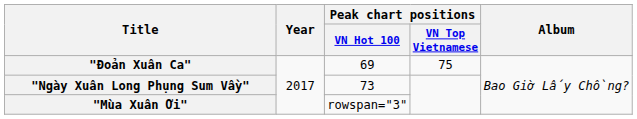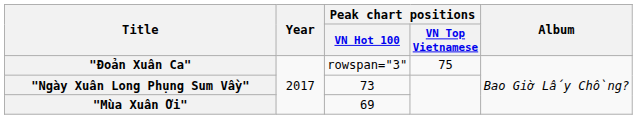 <table class="wikitable plainrowheaders" border="1" style="text-align:center;">
 <tr>
 <th scope="col" style="width:22em;" rowspan="2">Title</th>
 <th scope="col" style="width:3.5em;" rowspan="2">Year</th>
 <th colspan="2">Peak chart positions</th>
 <th rowspan="2">Album</th>
 </tr>
 <tr>
 <th style="width:4em;font-size:90%;"><a href='#'>VN Hot 100</a></th>
 <th style="width:4em;font-size:90%;"><a href='#'>VN Top Vietnamese</a><br></th>
 </tr>
 <tr>
 <th scope="row">"Đoản Xuân Ca"</th>
 <td rowspan="3">2017</td>
-<td>69</td>
+<td>rowspan="3" </td>
 <td>75</td>
 <td rowspan="3"><em>Bao Giờ Lấy Chồng?</em></td>
 </tr>
 <tr>
 <th scope="row">"Ngày Xuân Long Phụng Sum Vầy"</th>
 <td>73</td>
 </tr>
 <tr>
 <th scope="row">"Mùa Xuân Ơi"</th>
-<td>rowspan="3" </td>
+<td>69</td>
 </tr>
 </table>
